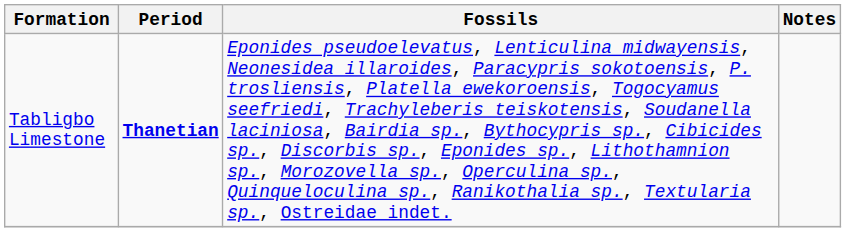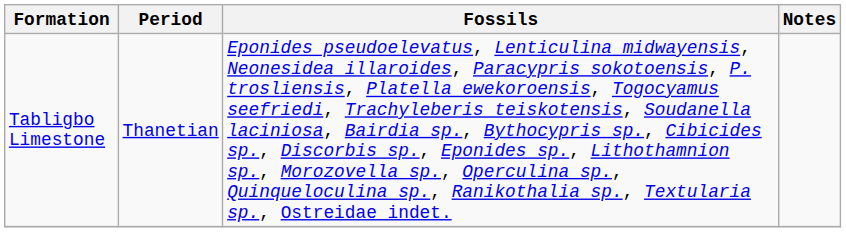 <table class="wikitable sortable">
 <tr>
 <th>Formation</th>
 <th>Period</th>
 <th>Fossils</th>
 <th class="unsortable">Notes</th>
 </tr>
 <tr>
 <td><a href='#'>Tabligbo Limestone</a></td>
-<td style="background-color: "><strong><a href='#'>Thanetian</a></strong></td>
+<td style="background-color: "><a href='#'>Thanetian</a></td>
 <td><em><a href='#'>Eponides pseudoelevatus</a></em>, <em><a href='#'>Lenticulina midwayensis</a></em>, <em><a href='#'>Neonesidea illaroides</a></em>, <em><a href='#'>Paracypris sokotoensis</a></em>, <em><a href='#'>P. trosliensis</a></em>, <em><a href='#'>Platella ewekoroensis</a></em>, <em><a href='#'>Togocyamus seefriedi</a></em>, <em><a href='#'>Trachyleberis teiskotensis</a></em>, <em><a href='#'>Soudanella laciniosa</a></em>, <em><a href='#'>Bairdia sp.</a></em>, <em><a href='#'>Bythocypris sp.</a></em>, <em><a href='#'>Cibicides sp.</a></em>, <em><a href='#'>Discorbis sp.</a></em>, <em><a href='#'>Eponides sp.</a></em>, <em><a href='#'>Lithothamnion sp.</a></em>, <em><a href='#'>Morozovella sp.</a></em>, <em><a href='#'>Operculina sp.</a></em>, <em><a href='#'>Quinqueloculina sp.</a></em>, <em><a href='#'>Ranikothalia sp.</a></em>, <em><a href='#'>Textularia sp.</a></em>, <a href='#'>Ostreidae indet.</a></td>
 <td align=center></td>
 </tr>
 <tr>
 </tr>
 </table>
